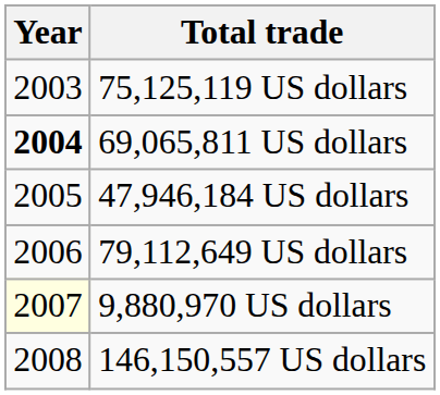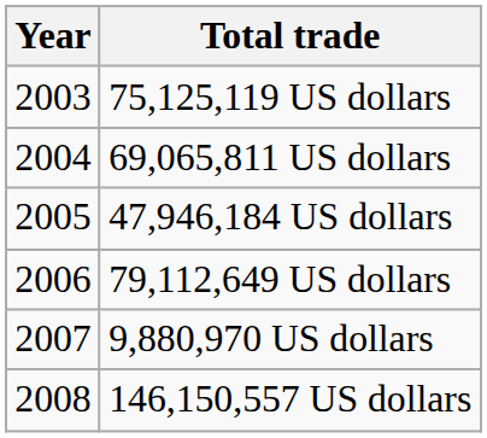 <table class="wikitable sortable">
 <tr>
 <th>Year</th>
 <th>Total trade</th>
 </tr>
 <tr>
 <td>2003</td>
 <td>75,125,119 US dollars</td>
 </tr>
 <tr>
-<td><strong>2004</strong></td>
+<td>2004</td>
 <td>69,065,811 US dollars</td>
 </tr>
 <tr>
 <td>2005</td>
 <td>47,946,184 US dollars</td>
 </tr>
 <tr>
 <td>2006</td>
 <td>79,112,649 US dollars</td>
 </tr>
 <tr>
-<td style="background: lightyellow;">2007</td>
+<td>2007</td>
 <td>9,880,970 US dollars</td>
 </tr>
 <tr>
 <td>2008</td>
 <td>146,150,557 US dollars</td>
 </tr>
 </table>
